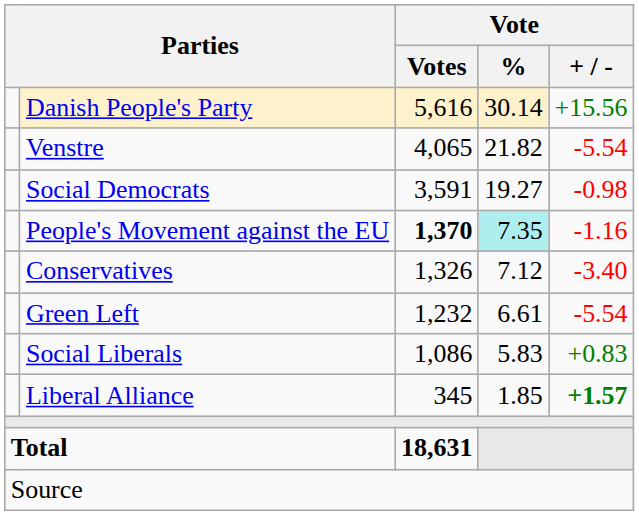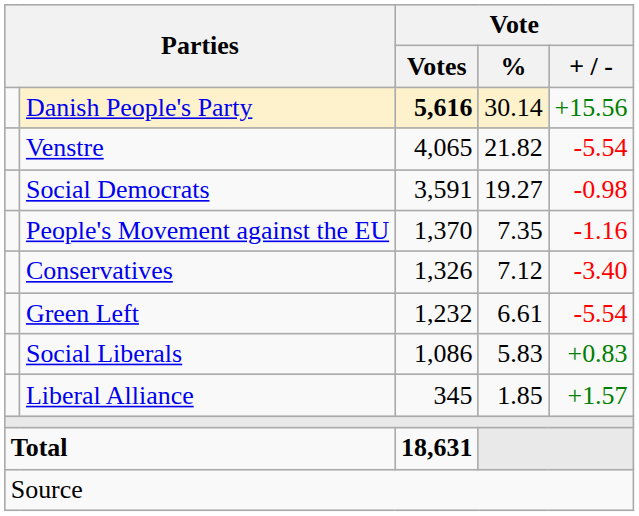 <table class="wikitable" style="text-align:right;">
 <tr>
 <th style="text-align:centre;" rowspan="2" colspan="2" width="225">Parties</th>
 <th colspan="3">Vote</th>
 </tr>
 <tr>
 <th width="15">Votes</th>
 <th width="15">%</th>
 <th width="15">+ / -</th>
 </tr>
 <tr>
 <td width="2" style="color:inherit;background:"></td>
 <td bgcolor=#fef2cc   align="left"><a href='#'>Danish People's Party</a></td>
-<td bgcolor=#fef2cc>5,616</td>
+<td bgcolor=#fef2cc><strong>5,616</strong></td>
 <td bgcolor=#fef2cc>30.14</td>
 <td style=color:green;>+15.56</td>
 </tr>
 <tr>
 <td width="2" style="color:inherit;background:"></td>
 <td align="left"><a href='#'>Venstre</a></td>
 <td>4,065</td>
 <td>21.82</td>
 <td style=color:red;>-5.54</td>
 </tr>
 <tr>
 <td width="2" style="color:inherit;background:"></td>
 <td align="left"><a href='#'>Social Democrats</a></td>
 <td>3,591</td>
 <td>19.27</td>
 <td style=color:red;>-0.98</td>
 </tr>
 <tr>
 <td width="2" style="color:inherit;background:"></td>
 <td align="left"><a href='#'>People's Movement against the EU</a></td>
-<td><strong>1,370</strong></td>
-<td style="background: paleturquoise;">7.35</td>
+<td>1,370</td>
+<td>7.35</td>
 <td style=color:red;>-1.16</td>
 </tr>
 <tr>
 <td width="2" style="color:inherit;background:"></td>
 <td align="left"><a href='#'>Conservatives</a></td>
 <td>1,326</td>
 <td>7.12</td>
 <td style=color:red;>-3.40</td>
 </tr>
 <tr>
 <td width="2" style="color:inherit;background:"></td>
 <td align="left"><a href='#'>Green Left</a></td>
 <td>1,232</td>
 <td>6.61</td>
 <td style=color:red;>-5.54</td>
 </tr>
 <tr>
 <td width="2" style="color:inherit;background:"></td>
 <td align="left"><a href='#'>Social Liberals</a></td>
 <td>1,086</td>
 <td>5.83</td>
 <td style=color:green;>+0.83</td>
 </tr>
 <tr>
 <td width="2" style="color:inherit;background:"></td>
 <td align="left"><a href='#'>Liberal Alliance</a></td>
 <td>345</td>
 <td>1.85</td>
-<td style=color:green;><strong>+1.57</strong></td>
+<td style=color:green;>+1.57</td>
 </tr>
 <tr>
 <td colspan="7" bgcolor="#E9E9E9"></td>
 </tr>
 <tr>
 <td align="left" colspan="2"><strong>Total</strong></td>
 <td><strong>18,631</strong></td>
 <td bgcolor="#E9E9E9" colspan="2"></td>
 </tr>
 <tr>
 <td align="left" colspan="6">Source</td>
 </tr>
 </table>
